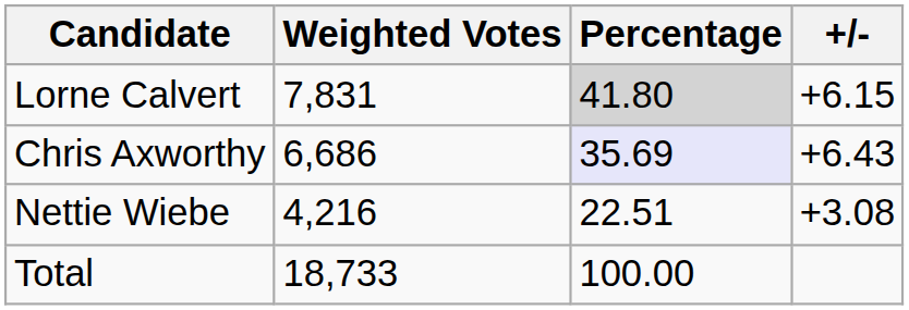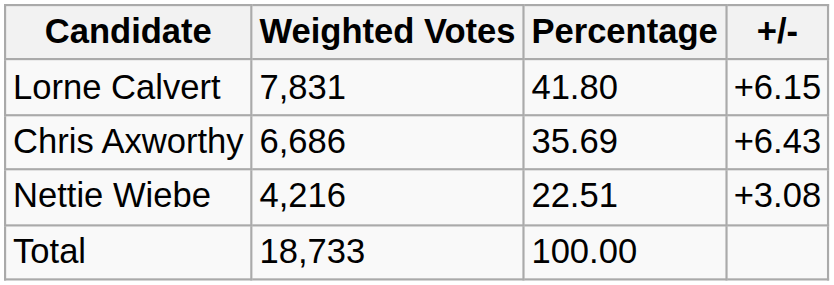 <table class="wikitable">
 <tr>
 <th>Candidate</th>
 <th>Weighted Votes</th>
 <th>Percentage</th>
 <th>+/-</th>
 </tr>
 <tr>
 <td>Lorne Calvert</td>
 <td>7,831</td>
-<td style="background: lightgrey;">41.80</td>
+<td>41.80</td>
 <td>+6.15</td>
 </tr>
 <tr>
 <td>Chris Axworthy</td>
 <td>6,686</td>
-<td style="background: lavender;">35.69</td>
+<td>35.69</td>
 <td>+6.43</td>
 </tr>
 <tr>
 <td>Nettie Wiebe</td>
 <td>4,216</td>
 <td>22.51</td>
 <td>+3.08</td>
 </tr>
 <tr>
 <td>Total</td>
 <td>18,733</td>
 <td>100.00</td>
 </tr>
 </table>
